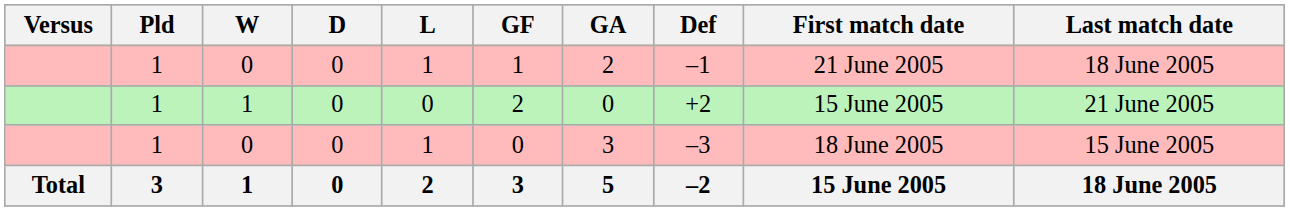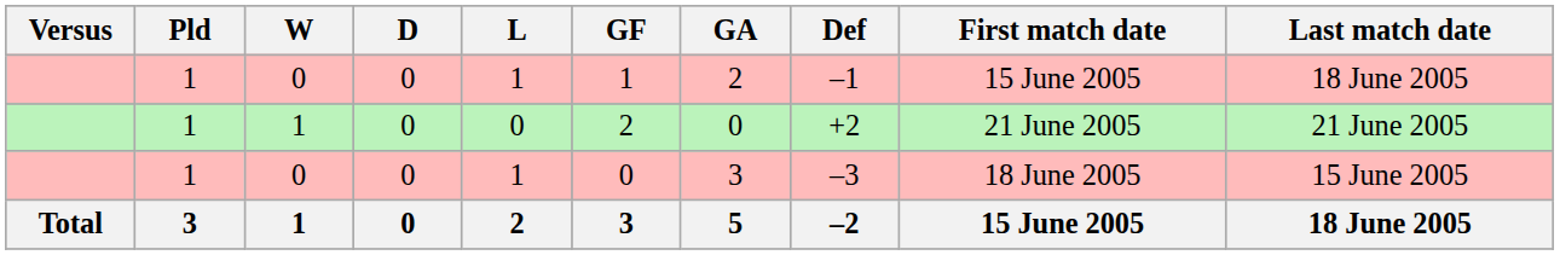 <table class="wikitable collapsed" style="font-size:90%; text-align:center;" width="60%">
 <tr>
 <th width="5%">Versus</th>
 <th width="5%">Pld</th>
 <th width="5%">W</th>
 <th width="5%">D</th>
 <th width="5%">L</th>
 <th width="5%">GF</th>
 <th width="5%">GA</th>
 <th width="5%">Def</th>
 <th width="15%">First match date</th>
 <th width="15%">Last match date</th>
 </tr>
 <tr bgcolor="#ffbbbb">
 <td align="left"></td>
 <td>1</td>
 <td>0</td>
 <td>0</td>
 <td>1</td>
 <td>1</td>
 <td>2</td>
 <td>–1</td>
-<td>21 June 2005</td>
+<td>15 June 2005</td>
 <td>18 June 2005</td>
 </tr>
 <tr bgcolor="#bbf3bb">
 <td align="left"></td>
 <td>1</td>
 <td>1</td>
 <td>0</td>
 <td>0</td>
 <td>2</td>
 <td>0</td>
 <td>+2</td>
-<td>15 June 2005</td>
+<td>21 June 2005</td>
 <td>21 June 2005</td>
 </tr>
 <tr bgcolor="#ffbbbb">
 <td align="left"></td>
 <td>1</td>
 <td>0</td>
 <td>0</td>
 <td>1</td>
 <td>0</td>
 <td>3</td>
 <td>–3</td>
 <td>18 June 2005</td>
 <td>15 June 2005</td>
 </tr>
 <tr>
 <th>Total</th>
 <th>3</th>
 <th>1</th>
 <th>0</th>
 <th>2</th>
 <th>3</th>
 <th>5</th>
 <th>–2</th>
 <th>15 June 2005</th>
 <th>18 June 2005</th>
 </tr>
 </table>
